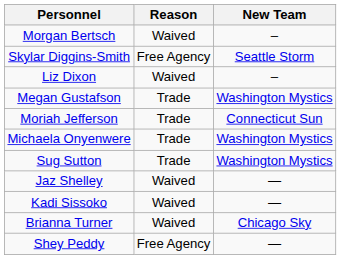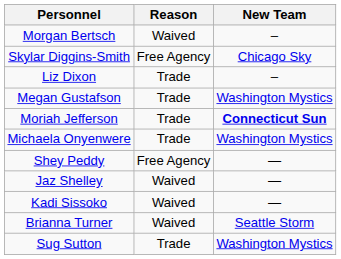 <table class="wikitable" style="text-align: center">
 <tr align="center"  bgcolor="#dddddd">
 <th><strong>Personnel</strong></th>
 <th><strong>Reason</strong></th>
 <th><strong>New Team</strong></th>
 </tr>
 <tr>
 <td><a href='#'>Morgan Bertsch</a></td>
 <td>Waived</td>
 <td>–</td>
 </tr>
 <tr>
 <td><a href='#'>Skylar Diggins-Smith</a></td>
 <td>Free Agency</td>
-<td><a href='#'>Seattle Storm</a></td>
+<td><a href='#'>Chicago Sky</a></td>
 </tr>
 <tr>
 <td><a href='#'>Liz Dixon</a></td>
-<td>Waived</td>
+<td>Trade</td>
 <td>–</td>
 </tr>
 <tr>
 <td><a href='#'>Megan Gustafson</a></td>
 <td>Trade</td>
 <td><a href='#'>Washington Mystics</a></td>
 </tr>
 <tr>
 <td><a href='#'>Moriah Jefferson</a></td>
 <td>Trade</td>
-<td><a href='#'>Connecticut Sun</a></td>
+<td><strong><a href='#'>Connecticut Sun</a></strong></td>
 </tr>
 <tr>
 <td><a href='#'>Michaela Onyenwere</a></td>
 <td>Trade</td>
 <td><a href='#'>Washington Mystics</a></td>
 </tr>
 <tr>
-<td><a href='#'>Sug Sutton</a></td>
-<td>Trade</td>
-<td><a href='#'>Washington Mystics</a></td>
+<td><a href='#'>Shey Peddy</a></td>
+<td>Free Agency</td>
+<td>—</td>
 </tr>
 <tr>
 <td><a href='#'>Jaz Shelley</a></td>
 <td>Waived</td>
 <td>—</td>
 </tr>
 <tr>
 <td><a href='#'>Kadi Sissoko</a></td>
 <td>Waived</td>
 <td>—</td>
 </tr>
 <tr>
 <td><a href='#'>Brianna Turner</a></td>
 <td>Waived</td>
-<td><a href='#'>Chicago Sky</a></td>
+<td><a href='#'>Seattle Storm</a></td>
 </tr>
 <tr>
-<td><a href='#'>Shey Peddy</a></td>
-<td>Free Agency</td>
-<td>—</td>
+<td><a href='#'>Sug Sutton</a></td>
+<td>Trade</td>
+<td><a href='#'>Washington Mystics</a></td>
 </tr>
 </table>
